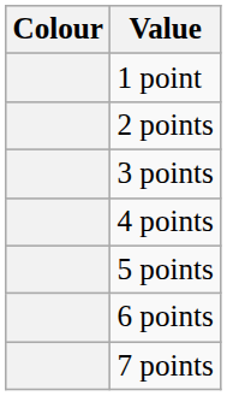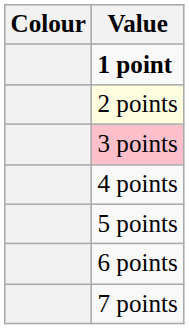 <table class="wikitable floatright plainrowheaders">
 <tr>
 <th scope=col>Colour</th>
 <th scope=col>Value</th>
 </tr>
 <tr>
 <th scope=row> </th>
-<td>1 point</td>
+<td><strong>1 point</strong></td>
 </tr>
 <tr>
 <th scope=row> </th>
-<td>2 points</td>
+<td style="background: lightyellow;">2 points</td>
 </tr>
 <tr>
 <th scope=row> </th>
-<td>3 points</td>
+<td style="background: pink;">3 points</td>
 </tr>
 <tr>
 <th scope=row> </th>
 <td>4 points</td>
 </tr>
 <tr>
 <th scope=row> </th>
 <td>5 points</td>
 </tr>
 <tr>
 <th scope=row> </th>
 <td>6 points</td>
 </tr>
 <tr>
 <th scope=row> </th>
 <td>7 points</td>
 </tr>
 </table>
